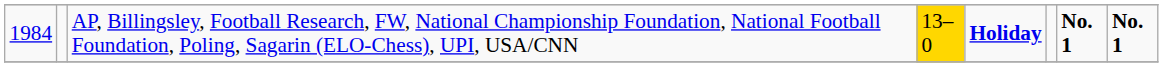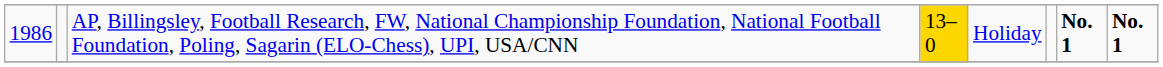 <table class="wikitable">
 <tr>
 </tr>
 <tr>
-<td><a href='#'>1984</a></td>
+<td><a href='#'>1986</a></td>
 <td></td>
 <td><a href='#'>AP</a>, <a href='#'>Billingsley</a>, <a href='#'>Football Research</a>, <a href='#'>FW</a>, <a href='#'>National Championship Foundation</a>, <a href='#'>National Football Foundation</a>, <a href='#'>Poling</a>, <a href='#'>Sagarin (ELO-Chess)</a>, <a href='#'>UPI</a>, USA/CNN</td>
 <td style="background: gold;">13–0</td>
-<td><strong><a href='#'>Holiday</a></strong></td>
+<td><a href='#'>Holiday</a></td>
 <td></td>
 <td><strong>No. 1</strong></td>
 <td><strong>No. 1</strong></td>
 </tr>
 <tr>
 </tr>
 </table>
